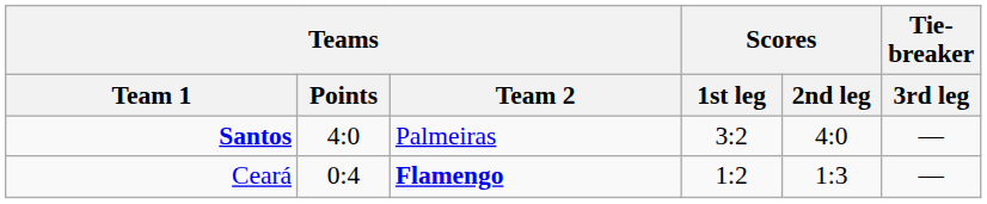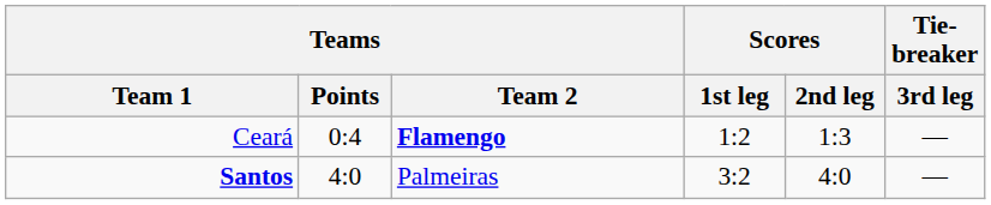 <table class="wikitable" style="text-align:center;">
 <tr>
 <th colspan=3>Teams</th>
 <th colspan=2>Scores</th>
 <th colspan=1>Tie-breaker</th>
 </tr>
 <tr>
 <th width="175">Team 1</th>
 <th width="50">Points</th>
 <th width="175">Team 2</th>
 <th width="55">1st leg</th>
 <th width="55">2nd leg</th>
 <th width="55">3rd leg</th>
 </tr>
 <tr>
+<td align=right><a href='#'>Ceará</a> </td>
+<td>0:4</td>
+<td align=left>  <strong><a href='#'>Flamengo</a></strong></td>
+<td>1:2</td>
+<td>1:3</td>
+<td>—</td>
+</tr>
+<tr>
 <td align=right><strong><a href='#'>Santos</a></strong>  </td>
 <td>4:0</td>
 <td align=left>  <a href='#'>Palmeiras</a></td>
 <td>3:2</td>
 <td>4:0</td>
 <td>—</td>
 </tr>
-<tr>
-<td align=right><a href='#'>Ceará</a> </td>
-<td>0:4</td>
-<td align=left>  <strong><a href='#'>Flamengo</a></strong></td>
-<td>1:2</td>
-<td>1:3</td>
-<td>—</td>
-</tr>
 </table>
